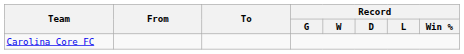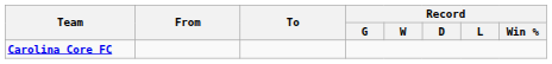 <table class="wikitable" style="text-align: center">
 <tr>
 <th rowspan=2! width=150>Team</th>
 <th rowspan=2! width=120>From</th>
 <th rowspan=2! width=120>To</th>
 <th colspan=7>Record</th>
 </tr>
 <tr>
 <th width=40>G</th>
 <th width=40>W</th>
 <th width=40>D</th>
 <th width=40>L</th>
 <th width=50>Win %</th>
 </tr>
 <tr>
-<td align=left><a href='#'>Carolina Core FC</a></td>
+<td align=left><strong><a href='#'>Carolina Core FC</a></strong></td>
 <td align=left></td>
 <td align=left><br></td>
 </tr>
 </table>
